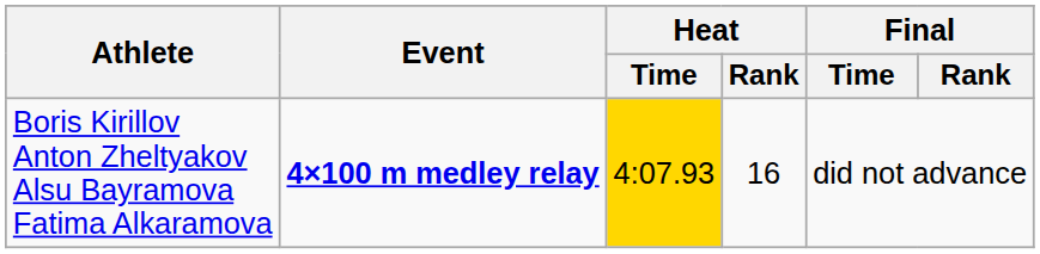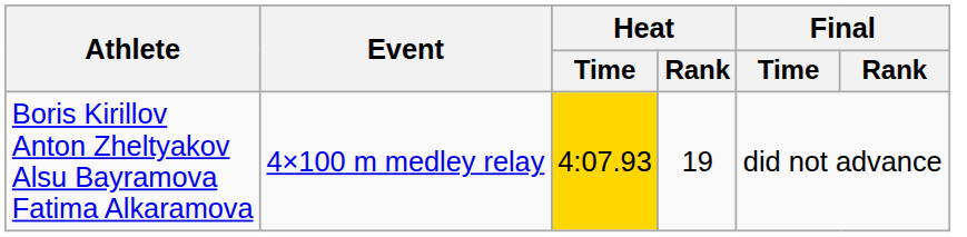 <table class=wikitable style="font-size:90%">
 <tr>
 <th rowspan="2">Athlete</th>
 <th rowspan="2">Event</th>
 <th colspan="2">Heat</th>
 <th colspan="2">Final</th>
 </tr>
 <tr style="font-size:95%">
 <th>Time</th>
 <th>Rank</th>
 <th>Time</th>
 <th>Rank</th>
 </tr>
 <tr align=center>
 <td align=left><a href='#'>Boris Kirillov</a><br><a href='#'>Anton Zheltyakov</a><br><a href='#'>Alsu Bayramova</a><br><a href='#'>Fatima Alkaramova</a></td>
-<td align=left><strong><a href='#'>4×100 m medley relay</a></strong></td>
+<td align=left><a href='#'>4×100 m medley relay</a></td>
 <td style="background: gold;">4:07.93</td>
-<td>16</td>
+<td>19</td>
 <td colspan=2>did not advance</td>
 </tr>
 </table>
